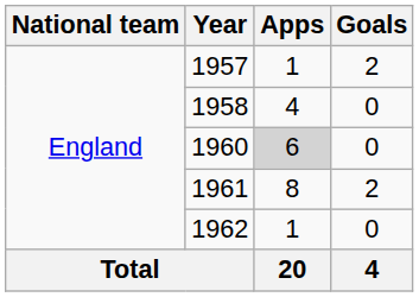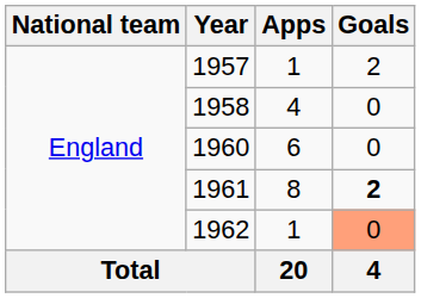 <table class="wikitable" style="text-align:center">
 <tr>
 <th>National team</th>
 <th>Year</th>
 <th>Apps</th>
 <th>Goals</th>
 </tr>
 <tr>
 <td rowspan="5"><a href='#'>England</a></td>
 <td>1957</td>
 <td>1</td>
 <td>2</td>
 </tr>
 <tr>
 <td>1958</td>
 <td>4</td>
 <td>0</td>
 </tr>
 <tr>
 <td>1960</td>
-<td style="background: lightgrey;">6</td>
+<td>6</td>
 <td>0</td>
 </tr>
 <tr>
 <td>1961</td>
 <td>8</td>
-<td>2</td>
+<td><strong>2</strong></td>
 </tr>
 <tr>
 <td>1962</td>
 <td>1</td>
-<td>0</td>
+<td style="background: lightsalmon;">0</td>
 </tr>
 <tr>
 <th colspan="2">Total</th>
 <th>20</th>
 <th>4</th>
 </tr>
 </table>
